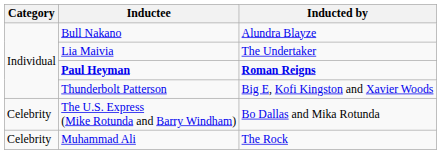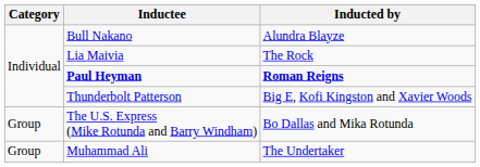 <table class="wikitable">
 <tr>
 <th>Category</th>
 <th>Inductee</th>
 <th>Inducted by</th>
 </tr>
 <tr>
 <td rowspan="4">Individual</td>
 <td><a href='#'>Bull Nakano</a></td>
 <td><a href='#'>Alundra Blayze</a></td>
 </tr>
 <tr>
 <td><a href='#'>Lia Maivia</a></td>
-<td><a href='#'>The Undertaker</a></td>
+<td><a href='#'>The Rock</a></td>
 </tr>
 <tr>
 <td><strong><a href='#'>Paul Heyman</a></strong></td>
 <td><strong><a href='#'>Roman Reigns</a></strong></td>
 </tr>
 <tr>
 <td><a href='#'>Thunderbolt Patterson</a></td>
 <td><a href='#'>Big E</a>, <a href='#'>Kofi Kingston</a> and <a href='#'>Xavier Woods</a></td>
 </tr>
 <tr>
-<td>Celebrity</td>
+<td rowspan="1”">Group</td>
 <td><a href='#'>The U.S. Express</a><br>(<a href='#'>Mike Rotunda</a> and <a href='#'>Barry Windham</a>)</td>
 <td><a href='#'>Bo Dallas</a> and Mika Rotunda</td>
 </tr>
 <tr>
-<td>Celebrity</td>
+<td rowspan="1”">Group</td>
 <td><a href='#'>Muhammad Ali</a></td>
-<td><a href='#'>The Rock</a></td>
+<td><a href='#'>The Undertaker</a></td>
 </tr>
 </table>
